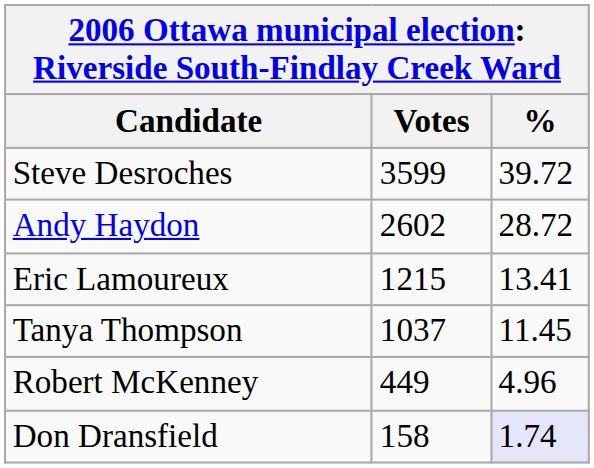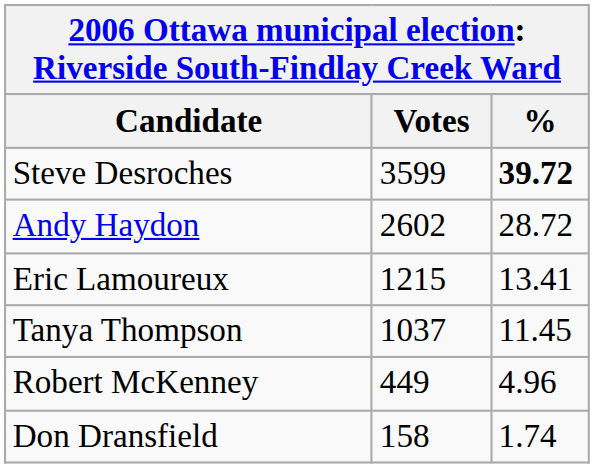 <table class="wikitable">
 <tr>
 <th colspan="3"><a href='#'>2006 Ottawa municipal election</a>: <a href='#'>Riverside South-Findlay Creek Ward</a></th>
 </tr>
 <tr>
 <th style="width: 170px">Candidate</th>
 <th style="width: 50px">Votes</th>
 <th style="width: 40px">%</th>
 </tr>
 <tr>
 <td>Steve Desroches</td>
 <td>3599</td>
-<td>39.72</td>
+<td><strong>39.72</strong></td>
 </tr>
 <tr>
 <td><a href='#'>Andy Haydon</a></td>
 <td>2602</td>
 <td>28.72</td>
 </tr>
 <tr>
 <td>Eric Lamoureux</td>
 <td>1215</td>
 <td>13.41</td>
 </tr>
 <tr>
 <td>Tanya Thompson</td>
 <td>1037</td>
 <td>11.45</td>
 </tr>
 <tr>
 <td>Robert McKenney</td>
 <td>449</td>
 <td>4.96</td>
 </tr>
 <tr>
 <td>Don Dransfield</td>
 <td>158</td>
-<td style="background: lavender;">1.74</td>
+<td>1.74</td>
 </tr>
 </table>
